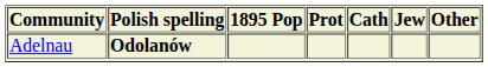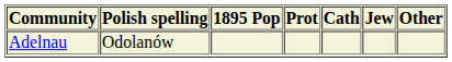 <table border=1 cellspacing=1 bgcolor="#F4F4DB">
 <tr>
 <td><strong>Community</strong></td>
 <td><strong>Polish spelling</strong></td>
 <td><strong>1895 Pop</strong></td>
 <td><strong>Prot</strong></td>
 <td><strong>Cath</strong></td>
 <td><strong>Jew</strong></td>
 <td><strong>Other</strong></td>
 </tr>
 <tr>
 <td><a href='#'>Adelnau</a></td>
-<td><strong>Odolanów</strong></td>
+<td>Odolanów</td>
 <td></td>
 <td></td>
 <td></td>
 <td></td>
 <td></td>
 </tr>
 <tr>
 </tr>
 </table>
